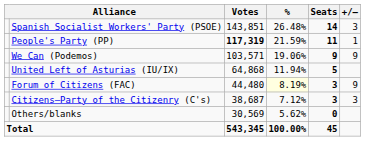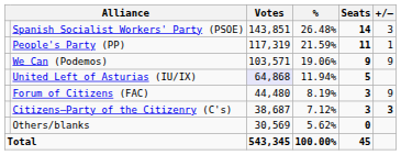 <table class="wikitable" style="font-size:100%; text-align:right;">
 <tr>
 <th colspan="2">Alliance</th>
 <th>Votes</th>
 <th>%</th>
 <th>Seats</th>
 <th>+/–</th>
 </tr>
 <tr>
 <td width="1"></td>
 <td align="left"><a href='#'>Spanish Socialist Workers' Party</a> (PSOE)</td>
 <td>143,851</td>
 <td>26.48%</td>
 <td><strong>14</strong></td>
 <td>3</td>
 </tr>
 <tr>
 <td></td>
 <td align="left"><a href='#'>People's Party</a> (PP)</td>
-<td><strong>117,319</strong></td>
+<td>117,319</td>
 <td>21.59%</td>
 <td><strong>11</strong></td>
 <td>1</td>
 </tr>
 <tr>
 <td></td>
 <td align="left"><a href='#'>We Can</a> (Podemos)</td>
 <td>103,571</td>
 <td>19.06%</td>
 <td><strong>9</strong></td>
 <td>9</td>
 </tr>
 <tr>
 <td></td>
 <td align="left"><a href='#'>United Left of Asturias</a> (IU/IX)</td>
-<td>64,868</td>
+<td style="background: lavender;">64,868</td>
 <td>11.94%</td>
 <td><strong>5</strong></td>
 <td></td>
 </tr>
 <tr>
 <td></td>
 <td align="left"><a href='#'>Forum of Citizens</a> (FAC)</td>
 <td>44,480</td>
-<td style="background: lightyellow;">8.19%</td>
+<td>8.19%</td>
 <td><strong>3</strong></td>
 <td>9</td>
 </tr>
 <tr>
 <td></td>
 <td align="left"><a href='#'>Citizens–Party of the Citizenry</a> (C's)</td>
 <td>38,687</td>
 <td>7.12%</td>
 <td><strong>3</strong></td>
-<td>3</td>
+<td><strong>3</strong></td>
 </tr>
 <tr>
 <td></td>
 <td align=left>Others/blanks</td>
 <td>30,569</td>
 <td>5.62%</td>
 <td><strong>0</strong></td>
 <td></td>
 </tr>
 <tr style="font-weight:bold">
 <td colspan="2" align=left>Total</td>
 <td>543,345</td>
 <td>100.00%</td>
 <td>45</td>
 <td></td>
 </tr>
 </table>
